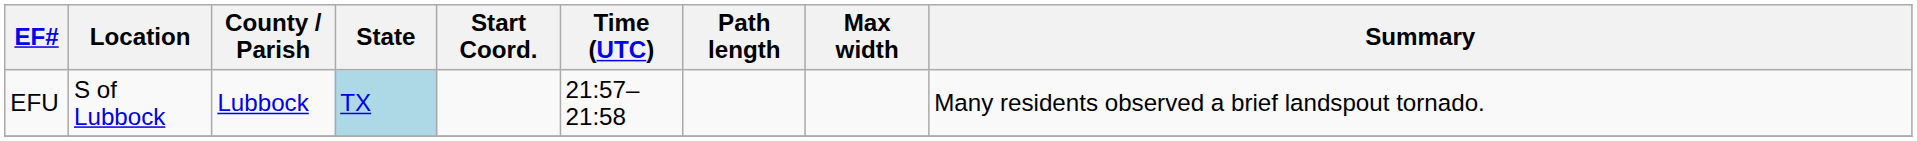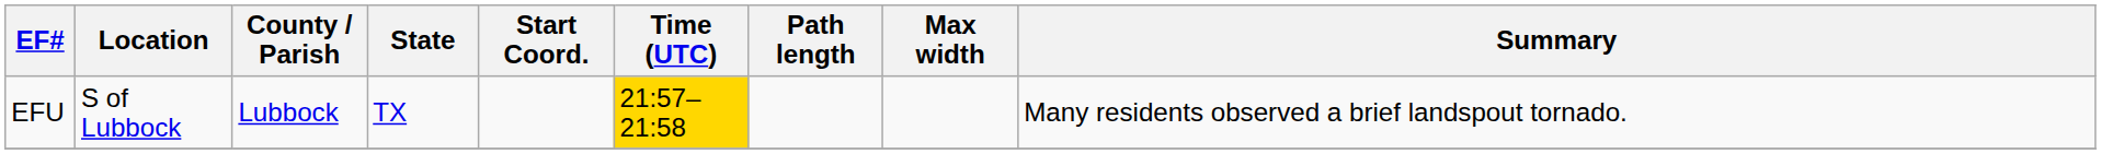 <table class="wikitable sortable" style="width:100%;">
 <tr>
 <th scope="col" style="width:3%; text-align:center;"><a href='#'>EF#</a></th>
 <th scope="col" style="width:7%; text-align:center;" class="unsortable">Location</th>
 <th scope="col" style="width:6%; text-align:center;" class="unsortable">County / Parish</th>
 <th scope="col" style="width:5%; text-align:center;">State</th>
 <th scope="col" style="width:6%; text-align:center;">Start Coord.</th>
 <th scope="col" style="width:6%; text-align:center;">Time (<a href='#'>UTC</a>)</th>
 <th scope="col" style="width:6%; text-align:center;">Path length</th>
 <th scope="col" style="width:6%; text-align:center;">Max width</th>
 <th scope="col" class="unsortable" style="width:48%; text-align:center;">Summary</th>
 </tr>
 <tr>
 <td bgcolor=>EFU</td>
 <td>S of <a href='#'>Lubbock</a></td>
 <td><a href='#'>Lubbock</a></td>
-<td style="background: lightblue;"><a href='#'>TX</a></td>
+<td><a href='#'>TX</a></td>
 <td></td>
-<td>21:57–21:58</td>
+<td style="background: gold;">21:57–21:58</td>
 <td></td>
 <td></td>
 <td>Many residents observed a brief landspout tornado.</td>
 </tr>
 <tr>
 </tr>
 </table>
